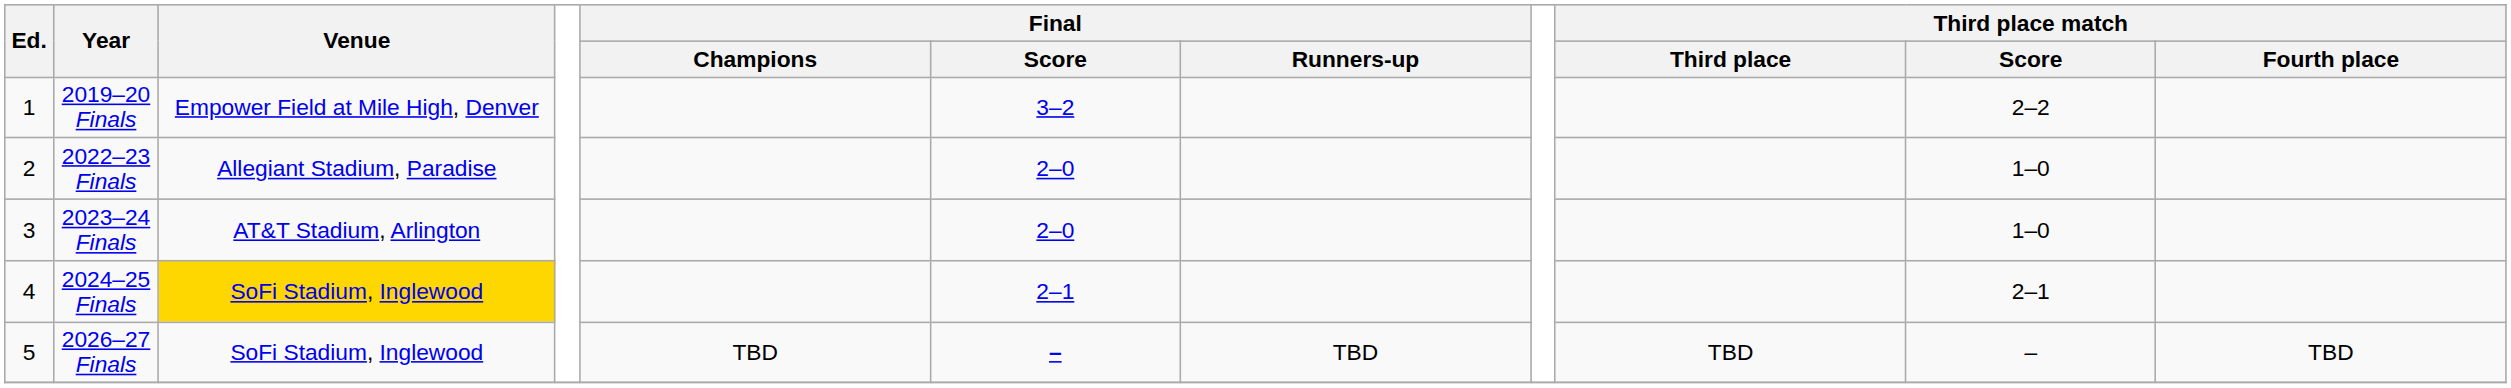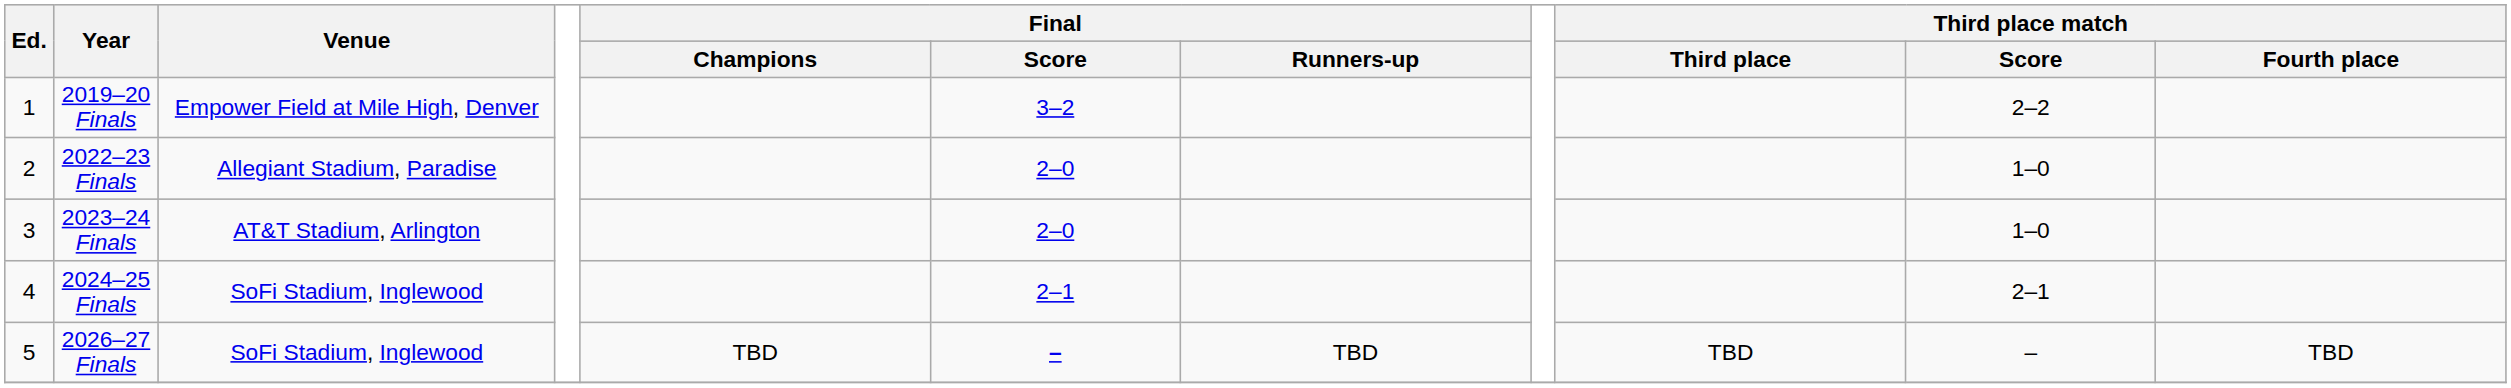 <table class="wikitable" style="font-size: 90%; text-align: center; width: 100%;">
 <tr>
 <th rowspan="2" width="%">Ed.</th>
 <th rowspan="2" width="%">Year</th>
 <th rowspan="2" width="%">Venue</th>
 <th width="1%" rowspan=7 style="background-color:#ffffff;"></th>
 <th colspan="3">Final</th>
 <th width="1%" rowspan=7 style="background-color:#ffffff;"></th>
 <th colspan="3">Third place match</th>
 </tr>
 <tr>
 <th width="14%">Champions</th>
 <th width="10%">Score</th>
 <th width="14%">Runners-up</th>
 <th width="14%">Third place</th>
 <th width="10%">Score</th>
 <th width="14%">Fourth place</th>
 </tr>
 <tr>
 <td>1</td>
 <td><a href='#'>2019–20</a><br><em><a href='#'>Finals</a></em></td>
 <td><a href='#'>Empower Field at Mile High</a>, <a href='#'>Denver</a></td>
 <td></td>
 <td><a href='#'>3–2</a><br><small></small></td>
 <td></td>
 <td></td>
 <td>2–2<br><small></small></td>
 <td></td>
 </tr>
 <tr>
 <td>2</td>
 <td><a href='#'>2022–23</a><br><em><a href='#'>Finals</a></em></td>
 <td><a href='#'>Allegiant Stadium</a>, <a href='#'>Paradise</a></td>
 <td></td>
 <td><a href='#'>2–0</a></td>
 <td></td>
 <td></td>
 <td>1–0</td>
 <td></td>
 </tr>
 <tr>
 <td>3</td>
 <td><a href='#'>2023–24</a><br><em><a href='#'>Finals</a></em></td>
 <td><a href='#'>AT&T Stadium</a>, <a href='#'>Arlington</a></td>
 <td></td>
 <td><a href='#'>2–0</a><br></td>
 <td></td>
 <td></td>
 <td>1–0<br></td>
 <td></td>
 </tr>
 <tr>
 <td>4</td>
 <td><a href='#'>2024–25</a><br><em><a href='#'>Finals</a></em></td>
-<td style="background: gold;"><a href='#'>SoFi Stadium</a>, <a href='#'>Inglewood</a></td>
+<td><a href='#'>SoFi Stadium</a>, <a href='#'>Inglewood</a></td>
 <td></td>
 <td><a href='#'>2–1</a></td>
 <td></td>
 <td></td>
 <td>2–1</td>
 <td></td>
 </tr>
 <tr>
 <td>5</td>
 <td><a href='#'>2026–27</a><br><em><a href='#'>Finals</a></em></td>
 <td><a href='#'>SoFi Stadium</a>, <a href='#'>Inglewood</a></td>
 <td>TBD</td>
 <td><strong><a href='#'>–</a></strong></td>
 <td>TBD</td>
 <td>TBD</td>
 <td>–</td>
 <td>TBD</td>
 </tr>
 <tr>
 </tr>
 </table>
